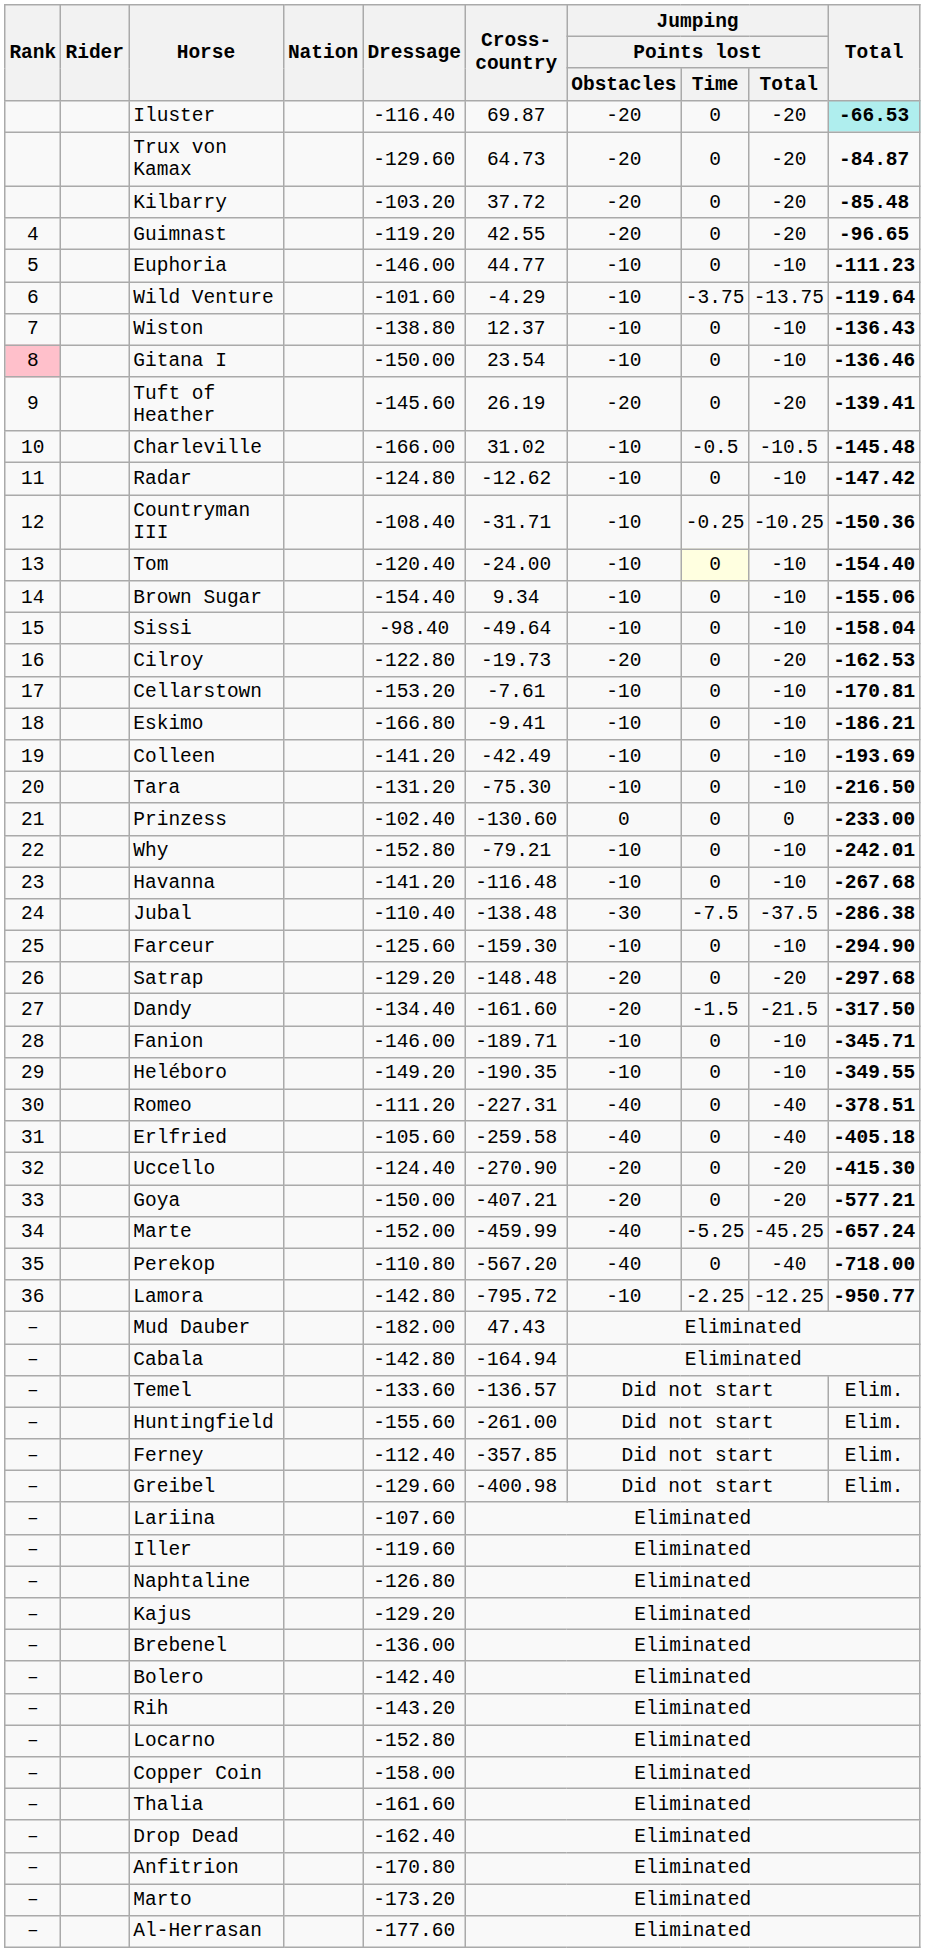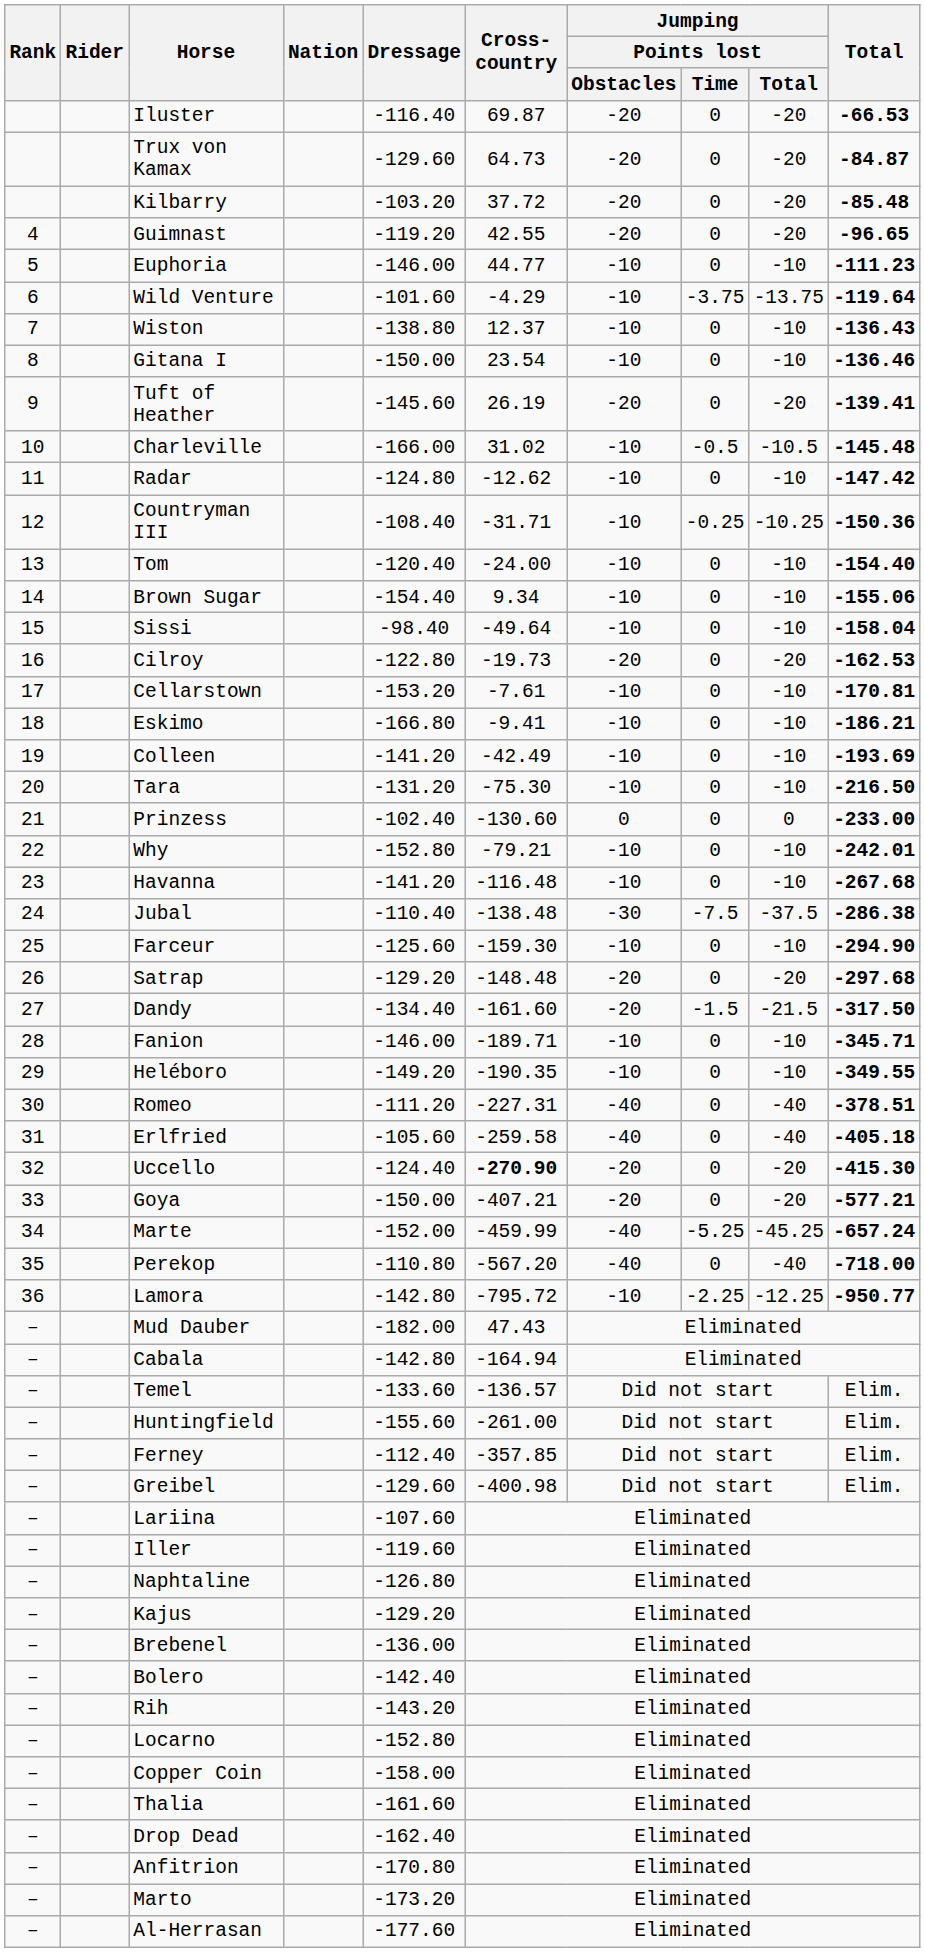 <table class="wikitable sortable" style="text-align:center">
 <tr>
 <th rowspan=3>Rank</th>
 <th rowspan=3>Rider</th>
 <th rowspan=3>Horse</th>
 <th rowspan=3>Nation</th>
 <th rowspan=3>Dressage</th>
 <th rowspan=3>Cross-country</th>
 <th colspan=3>Jumping</th>
 <th rowspan=3>Total</th>
 </tr>
 <tr>
 <th colspan=3>Points lost</th>
 </tr>
 <tr>
 <th>Obstacles</th>
 <th>Time</th>
 <th>Total</th>
 </tr>
 <tr>
 <td></td>
 <td align=left></td>
 <td align=left>Iluster</td>
 <td align=left></td>
 <td>-116.40</td>
 <td>69.87</td>
 <td>-20</td>
 <td>0</td>
 <td>-20</td>
-<td style="background: paleturquoise;"><strong>-66.53</strong></td>
+<td><strong>-66.53</strong></td>
 </tr>
 <tr>
 <td></td>
 <td align=left></td>
 <td align=left>Trux von Kamax</td>
 <td align=left></td>
 <td>-129.60</td>
 <td>64.73</td>
 <td>-20</td>
 <td>0</td>
 <td>-20</td>
 <td><strong>-84.87</strong></td>
 </tr>
 <tr>
 <td></td>
 <td align=left></td>
 <td align=left>Kilbarry</td>
 <td align=left></td>
 <td>-103.20</td>
 <td>37.72</td>
 <td>-20</td>
 <td>0</td>
 <td>-20</td>
 <td><strong>-85.48</strong></td>
 </tr>
 <tr>
 <td>4</td>
 <td align=left></td>
 <td align=left>Guimnast</td>
 <td align=left></td>
 <td>-119.20</td>
 <td>42.55</td>
 <td>-20</td>
 <td>0</td>
 <td>-20</td>
 <td><strong>-96.65</strong></td>
 </tr>
 <tr>
 <td>5</td>
 <td align=left></td>
 <td align=left>Euphoria</td>
 <td align=left></td>
 <td>-146.00</td>
 <td>44.77</td>
 <td>-10</td>
 <td>0</td>
 <td>-10</td>
 <td><strong>-111.23</strong></td>
 </tr>
 <tr>
 <td>6</td>
 <td align=left></td>
 <td align=left>Wild Venture</td>
 <td align=left></td>
 <td>-101.60</td>
 <td>-4.29</td>
 <td>-10</td>
 <td>-3.75</td>
 <td>-13.75</td>
 <td><strong>-119.64</strong></td>
 </tr>
 <tr>
 <td>7</td>
 <td align=left></td>
 <td align=left>Wiston</td>
 <td align=left></td>
 <td>-138.80</td>
 <td>12.37</td>
 <td>-10</td>
 <td>0</td>
 <td>-10</td>
 <td><strong>-136.43</strong></td>
 </tr>
 <tr>
-<td style="background: pink;">8</td>
+<td>8</td>
 <td align=left></td>
 <td align=left>Gitana I</td>
 <td align=left></td>
 <td>-150.00</td>
 <td>23.54</td>
 <td>-10</td>
 <td>0</td>
 <td>-10</td>
 <td><strong>-136.46</strong></td>
 </tr>
 <tr>
 <td>9</td>
 <td align=left></td>
 <td align=left>Tuft of Heather</td>
 <td align=left></td>
 <td>-145.60</td>
 <td>26.19</td>
 <td>-20</td>
 <td>0</td>
 <td>-20</td>
 <td><strong>-139.41</strong></td>
 </tr>
 <tr>
 <td>10</td>
 <td align=left></td>
 <td align=left>Charleville</td>
 <td align=left></td>
 <td>-166.00</td>
 <td>31.02</td>
 <td>-10</td>
 <td>-0.5</td>
 <td>-10.5</td>
 <td><strong>-145.48</strong></td>
 </tr>
 <tr>
 <td>11</td>
 <td align=left></td>
 <td align=left>Radar</td>
 <td align=left></td>
 <td>-124.80</td>
 <td>-12.62</td>
 <td>-10</td>
 <td>0</td>
 <td>-10</td>
 <td><strong>-147.42</strong></td>
 </tr>
 <tr>
 <td>12</td>
 <td align=left></td>
 <td align=left>Countryman III</td>
 <td align=left></td>
 <td>-108.40</td>
 <td>-31.71</td>
 <td>-10</td>
 <td>-0.25</td>
 <td>-10.25</td>
 <td><strong>-150.36</strong></td>
 </tr>
 <tr>
 <td>13</td>
 <td align=left></td>
 <td align=left>Tom</td>
 <td align=left></td>
 <td>-120.40</td>
 <td>-24.00</td>
 <td>-10</td>
-<td style="background: lightyellow;">0</td>
+<td>0</td>
 <td>-10</td>
 <td><strong>-154.40</strong></td>
 </tr>
 <tr>
 <td>14</td>
 <td align=left></td>
 <td align=left>Brown Sugar</td>
 <td align=left></td>
 <td>-154.40</td>
 <td>9.34</td>
 <td>-10</td>
 <td>0</td>
 <td>-10</td>
 <td><strong>-155.06</strong></td>
 </tr>
 <tr>
 <td>15</td>
 <td align=left></td>
 <td align=left>Sissi</td>
 <td align=left></td>
 <td>-98.40</td>
 <td>-49.64</td>
 <td>-10</td>
 <td>0</td>
 <td>-10</td>
 <td><strong>-158.04</strong></td>
 </tr>
 <tr>
 <td>16</td>
 <td align=left></td>
 <td align=left>Cilroy</td>
 <td align=left></td>
 <td>-122.80</td>
 <td>-19.73</td>
 <td>-20</td>
 <td>0</td>
 <td>-20</td>
 <td><strong>-162.53</strong></td>
 </tr>
 <tr>
 <td>17</td>
 <td align=left></td>
 <td align=left>Cellarstown</td>
 <td align=left></td>
 <td>-153.20</td>
 <td>-7.61</td>
 <td>-10</td>
 <td>0</td>
 <td>-10</td>
 <td><strong>-170.81</strong></td>
 </tr>
 <tr>
 <td>18</td>
 <td align=left></td>
 <td align=left>Eskimo</td>
 <td align=left></td>
 <td>-166.80</td>
 <td>-9.41</td>
 <td>-10</td>
 <td>0</td>
 <td>-10</td>
 <td><strong>-186.21</strong></td>
 </tr>
 <tr>
 <td>19</td>
 <td align=left></td>
 <td align=left>Colleen</td>
 <td align=left></td>
 <td>-141.20</td>
 <td>-42.49</td>
 <td>-10</td>
 <td>0</td>
 <td>-10</td>
 <td><strong>-193.69</strong></td>
 </tr>
 <tr>
 <td>20</td>
 <td align=left></td>
 <td align=left>Tara</td>
 <td align=left></td>
 <td>-131.20</td>
 <td>-75.30</td>
 <td>-10</td>
 <td>0</td>
 <td>-10</td>
 <td><strong>-216.50</strong></td>
 </tr>
 <tr>
 <td>21</td>
 <td align=left></td>
 <td align=left>Prinzess</td>
 <td align=left></td>
 <td>-102.40</td>
 <td>-130.60</td>
 <td>0</td>
 <td>0</td>
 <td>0</td>
 <td><strong>-233.00</strong></td>
 </tr>
 <tr>
 <td>22</td>
 <td align=left></td>
 <td align=left>Why</td>
 <td align=left></td>
 <td>-152.80</td>
 <td>-79.21</td>
 <td>-10</td>
 <td>0</td>
 <td>-10</td>
 <td><strong>-242.01</strong></td>
 </tr>
 <tr>
 <td>23</td>
 <td align=left></td>
 <td align=left>Havanna</td>
 <td align=left></td>
 <td>-141.20</td>
 <td>-116.48</td>
 <td>-10</td>
 <td>0</td>
 <td>-10</td>
 <td><strong>-267.68</strong></td>
 </tr>
 <tr>
 <td>24</td>
 <td align=left></td>
 <td align=left>Jubal</td>
 <td align=left></td>
 <td>-110.40</td>
 <td>-138.48</td>
 <td>-30</td>
 <td>-7.5</td>
 <td>-37.5</td>
 <td><strong>-286.38</strong></td>
 </tr>
 <tr>
 <td>25</td>
 <td align=left></td>
 <td align=left>Farceur</td>
 <td align=left></td>
 <td>-125.60</td>
 <td>-159.30</td>
 <td>-10</td>
 <td>0</td>
 <td>-10</td>
 <td><strong>-294.90</strong></td>
 </tr>
 <tr>
 <td>26</td>
 <td align=left></td>
 <td align=left>Satrap</td>
 <td align=left></td>
 <td>-129.20</td>
 <td>-148.48</td>
 <td>-20</td>
 <td>0</td>
 <td>-20</td>
 <td><strong>-297.68</strong></td>
 </tr>
 <tr>
 <td>27</td>
 <td align=left></td>
 <td align=left>Dandy</td>
 <td align=left></td>
 <td>-134.40</td>
 <td>-161.60</td>
 <td>-20</td>
 <td>-1.5</td>
 <td>-21.5</td>
 <td><strong>-317.50</strong></td>
 </tr>
 <tr>
 <td>28</td>
 <td align=left></td>
 <td align=left>Fanion</td>
 <td align=left></td>
 <td>-146.00</td>
 <td>-189.71</td>
 <td>-10</td>
 <td>0</td>
 <td>-10</td>
 <td><strong>-345.71</strong></td>
 </tr>
 <tr>
 <td>29</td>
 <td align=left></td>
 <td align=left>Heléboro</td>
 <td align=left></td>
 <td>-149.20</td>
 <td>-190.35</td>
 <td>-10</td>
 <td>0</td>
 <td>-10</td>
 <td><strong>-349.55</strong></td>
 </tr>
 <tr>
 <td>30</td>
 <td align=left></td>
 <td align=left>Romeo</td>
 <td align=left></td>
 <td>-111.20</td>
 <td>-227.31</td>
 <td>-40</td>
 <td>0</td>
 <td>-40</td>
 <td><strong>-378.51</strong></td>
 </tr>
 <tr>
 <td>31</td>
 <td align=left></td>
 <td align=left>Erlfried</td>
 <td align=left></td>
 <td>-105.60</td>
 <td>-259.58</td>
 <td>-40</td>
 <td>0</td>
 <td>-40</td>
 <td><strong>-405.18</strong></td>
 </tr>
 <tr>
 <td>32</td>
 <td align=left></td>
 <td align=left>Uccello</td>
 <td align=left></td>
 <td>-124.40</td>
-<td>-270.90</td>
+<td><strong>-270.90</strong></td>
 <td>-20</td>
 <td>0</td>
 <td>-20</td>
 <td><strong>-415.30</strong></td>
 </tr>
 <tr>
 <td>33</td>
 <td align=left></td>
 <td align=left>Goya</td>
 <td align=left></td>
 <td>-150.00</td>
 <td>-407.21</td>
 <td>-20</td>
 <td>0</td>
 <td>-20</td>
 <td><strong>-577.21</strong></td>
 </tr>
 <tr>
 <td>34</td>
 <td align=left></td>
 <td align=left>Marte</td>
 <td align=left></td>
 <td>-152.00</td>
 <td>-459.99</td>
 <td>-40</td>
 <td>-5.25</td>
 <td>-45.25</td>
 <td><strong>-657.24</strong></td>
 </tr>
 <tr>
 <td>35</td>
 <td align=left></td>
 <td align=left>Perekop</td>
 <td align=left></td>
 <td>-110.80</td>
 <td>-567.20</td>
 <td>-40</td>
 <td>0</td>
 <td>-40</td>
 <td><strong>-718.00</strong></td>
 </tr>
 <tr>
 <td>36</td>
 <td align=left></td>
 <td align=left>Lamora</td>
 <td align=left></td>
 <td>-142.80</td>
 <td>-795.72</td>
 <td>-10</td>
 <td>-2.25</td>
 <td>-12.25</td>
 <td><strong>-950.77</strong></td>
 </tr>
 <tr>
 <td>–</td>
 <td align=left></td>
 <td align=left>Mud Dauber</td>
 <td align=left></td>
 <td>-182.00</td>
 <td>47.43</td>
 <td colspan=4>Eliminated</td>
 </tr>
 <tr>
 <td>–</td>
 <td align=left></td>
 <td align=left>Cabala</td>
 <td align=left></td>
 <td>-142.80</td>
 <td>-164.94</td>
 <td colspan=4>Eliminated</td>
 </tr>
 <tr>
 <td>–</td>
 <td align=left></td>
 <td align=left>Temel</td>
 <td align=left></td>
 <td>-133.60</td>
 <td>-136.57</td>
 <td colspan=3>Did not start</td>
 <td>Elim.</td>
 </tr>
 <tr>
 <td>–</td>
 <td align=left></td>
 <td align=left>Huntingfield</td>
 <td align=left></td>
 <td>-155.60</td>
 <td>-261.00</td>
 <td colspan=3>Did not start</td>
 <td>Elim.</td>
 </tr>
 <tr>
 <td>–</td>
 <td align=left></td>
 <td align=left>Ferney</td>
 <td align=left></td>
 <td>-112.40</td>
 <td>-357.85</td>
 <td colspan=3>Did not start</td>
 <td>Elim.</td>
 </tr>
 <tr>
 <td>–</td>
 <td align=left></td>
 <td align=left>Greibel</td>
 <td align=left></td>
 <td>-129.60</td>
 <td>-400.98</td>
 <td colspan=3>Did not start</td>
 <td>Elim.</td>
 </tr>
 <tr>
 <td>–</td>
 <td align=left></td>
 <td align=left>Lariina</td>
 <td align=left></td>
 <td>-107.60</td>
 <td colspan=5>Eliminated</td>
 </tr>
 <tr>
 <td>–</td>
 <td align=left></td>
 <td align=left>Iller</td>
 <td align=left></td>
 <td>-119.60</td>
 <td colspan=5>Eliminated</td>
 </tr>
 <tr>
 <td>–</td>
 <td align=left></td>
 <td align=left>Naphtaline</td>
 <td align=left></td>
 <td>-126.80</td>
 <td colspan=5>Eliminated</td>
 </tr>
 <tr>
 <td>–</td>
 <td align=left></td>
 <td align=left>Kajus</td>
 <td align=left></td>
 <td>-129.20</td>
 <td colspan=5>Eliminated</td>
 </tr>
 <tr>
 <td>–</td>
 <td align=left></td>
 <td align=left>Brebenel</td>
 <td align=left></td>
 <td>-136.00</td>
 <td colspan=5>Eliminated</td>
 </tr>
 <tr>
 <td>–</td>
 <td align=left></td>
 <td align=left>Bolero</td>
 <td align=left></td>
 <td>-142.40</td>
 <td colspan=5>Eliminated</td>
 </tr>
 <tr>
 <td>–</td>
 <td align=left></td>
 <td align=left>Rih</td>
 <td align=left></td>
 <td>-143.20</td>
 <td colspan=5>Eliminated</td>
 </tr>
 <tr>
 <td>–</td>
 <td align=left></td>
 <td align=left>Locarno</td>
 <td align=left></td>
 <td>-152.80</td>
 <td colspan=5>Eliminated</td>
 </tr>
 <tr>
 <td>–</td>
 <td align=left></td>
 <td align=left>Copper Coin</td>
 <td align=left></td>
 <td>-158.00</td>
 <td colspan=5>Eliminated</td>
 </tr>
 <tr>
 <td>–</td>
 <td align=left></td>
 <td align=left>Thalia</td>
 <td align=left></td>
 <td>-161.60</td>
 <td colspan=5>Eliminated</td>
 </tr>
 <tr>
 <td>–</td>
 <td align=left></td>
 <td align=left>Drop Dead</td>
 <td align=left></td>
 <td>-162.40</td>
 <td colspan=5>Eliminated</td>
 </tr>
 <tr>
 <td>–</td>
 <td align=left></td>
 <td align=left>Anfitrion</td>
 <td align=left></td>
 <td>-170.80</td>
 <td colspan=5>Eliminated</td>
 </tr>
 <tr>
 <td>–</td>
 <td align=left></td>
 <td align=left>Marto</td>
 <td align=left></td>
 <td>-173.20</td>
 <td colspan=5>Eliminated</td>
 </tr>
 <tr>
 <td>–</td>
 <td align=left></td>
 <td align=left>Al-Herrasan</td>
 <td align=left></td>
 <td>-177.60</td>
 <td colspan=5>Eliminated</td>
 </tr>
 </table>
